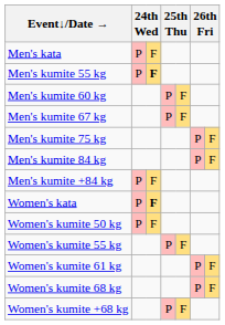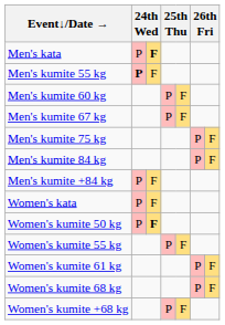 <table class="wikitable" style="margin:0.5em auto; font-size:90%; line-height:1.25em; text-align:center;">
 <tr>
 <th>Event↓/Date →</th>
 <th colspan=2>24th<br>Wed</th>
 <th colspan=2>25th<br>Thu</th>
 <th colspan=2>26th<br>Fri</th>
 </tr>
 <tr>
 <td align="left"><a href='#'>Men's kata</a></td>
 <td bgcolor="#FFBBBB">P</td>
-<td bgcolor="#FFDF80">F</td>
+<td bgcolor="#FFDF80"><strong>F</strong></td>
 <td colspan=2></td>
 <td colspan=2></td>
 </tr>
 <tr>
 <td align="left"><a href='#'>Men's kumite 55 kg</a></td>
-<td bgcolor="#FFBBBB">P</td>
-<td bgcolor="#FFDF80"><strong>F</strong></td>
+<td bgcolor="#FFBBBB"><strong>P</strong></td>
+<td bgcolor="#FFDF80">F</td>
 <td colspan=2></td>
 <td colspan=2></td>
 </tr>
 <tr>
 <td align="left"><a href='#'>Men's kumite 60 kg</a></td>
 <td colspan=2></td>
 <td bgcolor="#FFBBBB">P</td>
 <td bgcolor="#FFDF80">F</td>
 <td colspan=2></td>
 </tr>
 <tr>
 <td align="left"><a href='#'>Men's kumite 67 kg</a></td>
 <td colspan=2></td>
 <td bgcolor="#FFBBBB">P</td>
 <td bgcolor="#FFDF80">F</td>
 <td colspan=2></td>
 </tr>
 <tr>
 <td align="left"><a href='#'>Men's kumite 75 kg</a></td>
 <td colspan=2></td>
 <td colspan=2></td>
 <td bgcolor="#FFBBBB">P</td>
 <td bgcolor="#FFDF80">F</td>
 </tr>
 <tr>
 <td align="left"><a href='#'>Men's kumite 84 kg</a></td>
 <td colspan=2></td>
 <td colspan=2></td>
 <td bgcolor="#FFBBBB">P</td>
 <td bgcolor="#FFDF80">F</td>
 </tr>
 <tr>
 <td align="left"><a href='#'>Men's kumite +84 kg</a></td>
 <td bgcolor="#FFBBBB">P</td>
 <td bgcolor="#FFDF80">F</td>
 <td colspan=2></td>
 <td colspan=2></td>
 </tr>
 <tr>
 <td align="left"><a href='#'>Women's kata</a></td>
 <td bgcolor="#FFBBBB">P</td>
-<td bgcolor="#FFDF80"><strong>F</strong></td>
+<td bgcolor="#FFDF80">F</td>
 <td colspan=2></td>
 <td colspan=2></td>
 </tr>
 <tr>
 <td align="left"><a href='#'>Women's kumite 50 kg</a></td>
 <td bgcolor="#FFBBBB">P</td>
-<td bgcolor="#FFDF80">F</td>
+<td bgcolor="#FFDF80"><strong>F</strong></td>
 <td colspan=2></td>
 <td colspan=2></td>
 </tr>
 <tr>
 <td align="left"><a href='#'>Women's kumite 55 kg</a></td>
 <td colspan=2></td>
 <td bgcolor="#FFBBBB">P</td>
 <td bgcolor="#FFDF80">F</td>
 <td colspan=2></td>
 </tr>
 <tr>
 <td align="left"><a href='#'>Women's kumite 61 kg</a></td>
 <td colspan=2></td>
 <td colspan=2></td>
 <td bgcolor="#FFBBBB">P</td>
 <td bgcolor="#FFDF80">F</td>
 </tr>
 <tr>
 <td align="left"><a href='#'>Women's kumite 68 kg</a></td>
 <td colspan=2></td>
 <td colspan=2></td>
 <td bgcolor="#FFBBBB">P</td>
 <td bgcolor="#FFDF80">F</td>
 </tr>
 <tr>
 <td align="left"><a href='#'>Women's kumite +68 kg</a></td>
 <td colspan=2></td>
 <td bgcolor="#FFBBBB">P</td>
 <td bgcolor="#FFDF80">F</td>
 <td colspan=2></td>
 </tr>
 </table>
